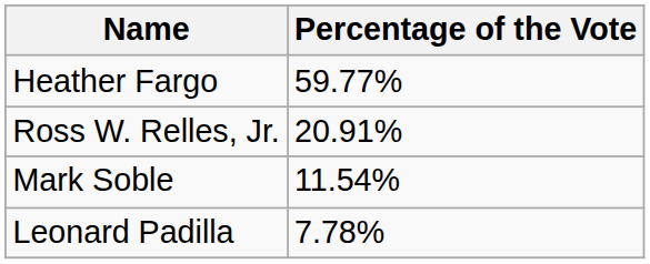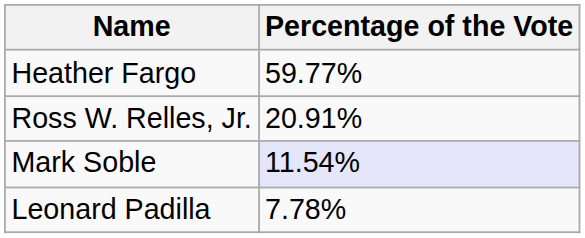 <table class="wikitable">
 <tr>
 <th>Name</th>
 <th>Percentage of the Vote</th>
 </tr>
 <tr>
 <td>Heather Fargo</td>
 <td>59.77%</td>
 </tr>
 <tr>
 <td>Ross W. Relles, Jr.</td>
 <td>20.91%</td>
 </tr>
 <tr>
 <td>Mark Soble</td>
-<td>11.54%</td>
+<td style="background: lavender;">11.54%</td>
 </tr>
 <tr>
 <td>Leonard Padilla</td>
 <td>7.78%</td>
 </tr>
 </table>
